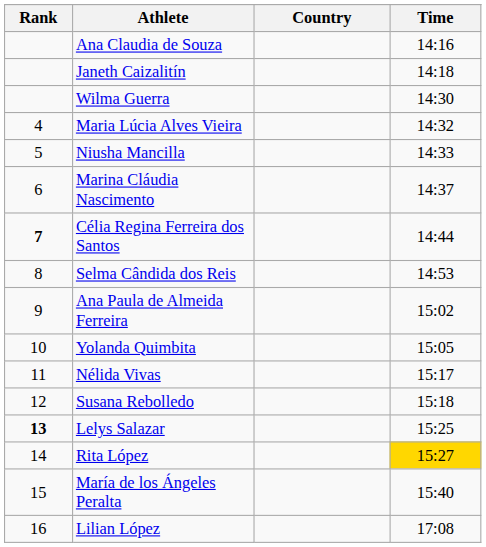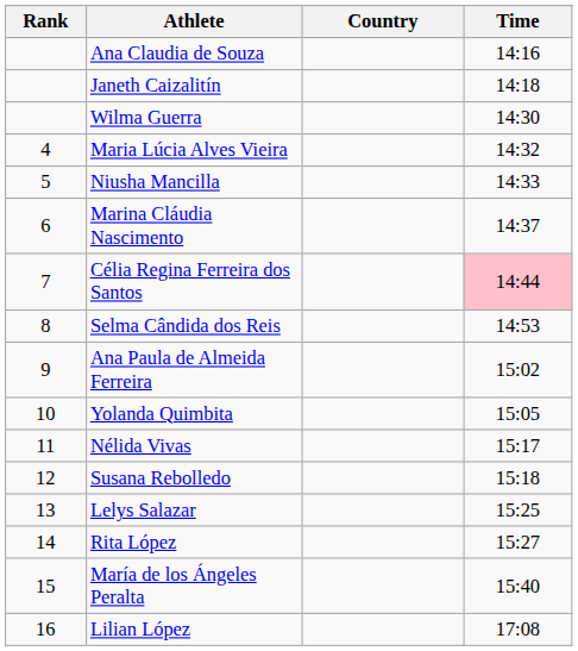 <table class="wikitable sortable" style=" text-align:center; font-size:95%;" width="50%">
 <tr>
 </tr>
 <tr>
 <th width=5%>Rank</th>
 <th width=20%>Athlete</th>
 <th width=15%>Country</th>
 <th width=10%>Time</th>
 </tr>
 <tr>
 <td align=center></td>
 <td align=left><a href='#'>Ana Claudia de Souza</a></td>
 <td align=left></td>
 <td>14:16</td>
 </tr>
 <tr>
 <td align=center></td>
 <td align=left><a href='#'>Janeth Caizalitín</a></td>
 <td align=left></td>
 <td>14:18</td>
 </tr>
 <tr>
 <td align=center></td>
 <td align=left><a href='#'>Wilma Guerra</a></td>
 <td align=left></td>
 <td>14:30</td>
 </tr>
 <tr>
 <td align=center>4</td>
 <td align=left><a href='#'>Maria Lúcia Alves Vieira</a></td>
 <td align=left></td>
 <td>14:32</td>
 </tr>
 <tr>
 <td align=center>5</td>
 <td align=left><a href='#'>Niusha Mancilla</a></td>
 <td align=left></td>
 <td>14:33</td>
 </tr>
 <tr>
 <td align=center>6</td>
 <td align=left><a href='#'>Marina Cláudia Nascimento</a></td>
 <td align=left></td>
 <td>14:37</td>
 </tr>
 <tr>
-<td align=center><strong>7</strong></td>
+<td align=center>7</td>
 <td align=left><a href='#'>Célia Regina Ferreira dos Santos</a></td>
 <td align=left></td>
-<td>14:44</td>
+<td style="background: pink;">14:44</td>
 </tr>
 <tr>
 <td align=center>8</td>
 <td align=left><a href='#'>Selma Cândida dos Reis</a></td>
 <td align=left></td>
 <td>14:53</td>
 </tr>
 <tr>
 <td align=center>9</td>
 <td align=left><a href='#'>Ana Paula de Almeida Ferreira</a></td>
 <td align=left></td>
 <td>15:02</td>
 </tr>
 <tr>
 <td align=center>10</td>
 <td align=left><a href='#'>Yolanda Quimbita</a></td>
 <td align=left></td>
 <td>15:05</td>
 </tr>
 <tr>
 <td align=center>11</td>
 <td align=left><a href='#'>Nélida Vivas</a></td>
 <td align=left></td>
 <td>15:17</td>
 </tr>
 <tr>
 <td align=center>12</td>
 <td align=left><a href='#'>Susana Rebolledo</a></td>
 <td align=left></td>
 <td>15:18</td>
 </tr>
 <tr>
-<td align=center><strong>13</strong></td>
+<td align=center>13</td>
 <td align=left><a href='#'>Lelys Salazar</a></td>
 <td align=left></td>
 <td>15:25</td>
 </tr>
 <tr>
 <td align=center>14</td>
 <td align=left><a href='#'>Rita López</a></td>
 <td align=left></td>
-<td style="background: gold;">15:27</td>
+<td>15:27</td>
 </tr>
 <tr>
 <td align=center>15</td>
 <td align=left><a href='#'>María de los Ángeles Peralta</a></td>
 <td align=left></td>
 <td>15:40</td>
 </tr>
 <tr>
 <td align=center>16</td>
 <td align=left><a href='#'>Lilian López</a></td>
 <td align=left></td>
 <td>17:08</td>
 </tr>
 </table>
